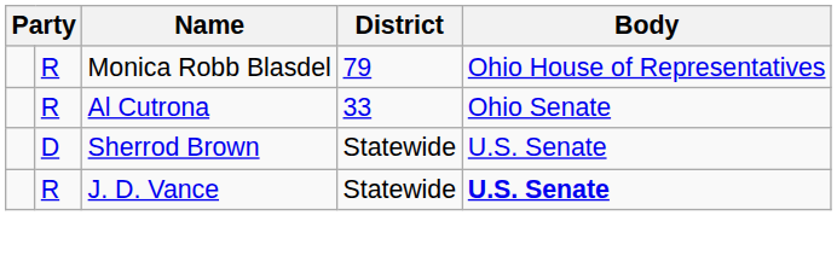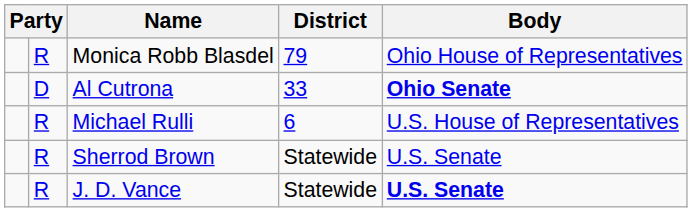 <table class=wikitable>
 <tr>
 <th colspan="2" style="text-align:center; vertical-align:bottom;">Party</th>
 <th style="text-align:center;">Name</th>
 <th valign=bottom>District</th>
 <th valign=bottom>Body</th>
 </tr>
 <tr>
 <td style="background-color:"> </td>
 <td><a href='#'>R</a></td>
 <td>Monica Robb Blasdel</td>
 <td><a href='#'>79</a></td>
 <td><a href='#'>Ohio House of Representatives</a></td>
 </tr>
 <tr>
 <td style="background-color:"> </td>
-<td><a href='#'>R</a></td>
+<td><a href='#'>D</a></td>
 <td><a href='#'>Al Cutrona</a></td>
 <td><a href='#'>33</a></td>
-<td><a href='#'>Ohio Senate</a></td>
+<td><strong><a href='#'>Ohio Senate</a></strong></td>
 </tr>
 <tr>
 <td style="background-color:"> </td>
-<td><a href='#'>D</a></td>
+<td><a href='#'>R</a></td>
+<td><a href='#'>Michael Rulli</a></td>
+<td><a href='#'>6</a></td>
+<td><a href='#'>U.S. House of Representatives</a></td>
+</tr>
+<tr>
+<td style="background-color:"> </td>
+<td><a href='#'>R</a></td>
 <td><a href='#'>Sherrod Brown</a></td>
 <td>Statewide</td>
 <td><a href='#'>U.S. Senate</a></td>
 </tr>
 <tr>
 <td style="background-color:"> </td>
 <td><a href='#'>R</a></td>
 <td><a href='#'>J. D. Vance</a></td>
 <td>Statewide</td>
 <td><strong><a href='#'>U.S. Senate</a></strong></td>
 </tr>
 </table>
